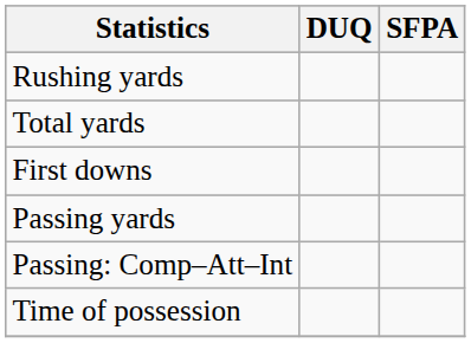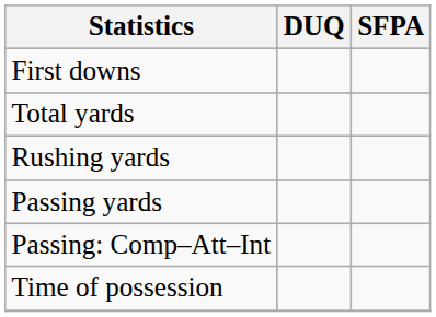 <table class="wikitable" style="float: left;">
 <tr>
 <th>Statistics</th>
 <th>DUQ</th>
 <th>SFPA</th>
 </tr>
 <tr>
-<td>Rushing yards</td>
+<td>First downs</td>
 <td></td>
 <td></td>
 </tr>
 <tr>
 <td>Total yards</td>
 <td></td>
 <td></td>
 </tr>
 <tr>
-<td>First downs</td>
+<td>Rushing yards</td>
 <td></td>
 <td></td>
 </tr>
 <tr>
 <td>Passing yards</td>
 <td></td>
 <td></td>
 </tr>
 <tr>
 <td>Passing: Comp–Att–Int</td>
 <td></td>
 <td></td>
 </tr>
 <tr>
 <td>Time of possession</td>
 <td></td>
 <td></td>
 </tr>
 <tr>
 </tr>
 </table>
